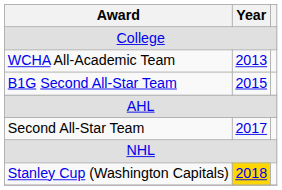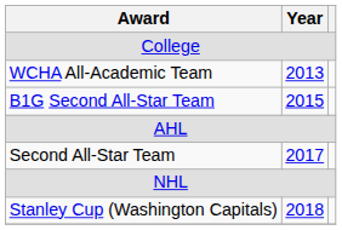 <table class="wikitable">
 <tr>
 <th>Award</th>
 <th>Year</th>
 <th></th>
 </tr>
 <tr ALIGN="center" bgcolor="#e0e0e0">
 <td colspan="3"><a href='#'>College</a></td>
 </tr>
 <tr>
 <td><a href='#'>WCHA</a> All-Academic Team</td>
 <td><a href='#'>2013</a></td>
 <td></td>
 </tr>
 <tr>
 <td><a href='#'>B1G</a> <a href='#'>Second All-Star Team</a></td>
 <td><a href='#'>2015</a></td>
 <td></td>
 </tr>
 <tr ALIGN="center" bgcolor="#e0e0e0">
 <td colspan="3"><a href='#'>AHL</a></td>
 </tr>
 <tr>
 <td>Second All-Star Team</td>
 <td><a href='#'>2017</a></td>
 <td></td>
 </tr>
 <tr ALIGN="center" bgcolor="#e0e0e0">
 <td colspan="3"><a href='#'>NHL</a></td>
 </tr>
 <tr>
 <td><a href='#'>Stanley Cup</a> (Washington Capitals)</td>
-<td style="background: gold;"><a href='#'>2018</a></td>
+<td><a href='#'>2018</a></td>
 <td></td>
 </tr>
 <tr>
 </tr>
 </table>
